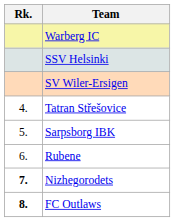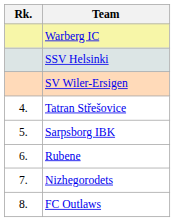 <table class="wikitable" style="border:1px solid #AAAAAA;font-size:90%">
 <tr bgcolor="#E4E4E4">
 <th style="border-bottom:1px solid #AAAAAA" width=40>Rk.</th>
 <th style="border-bottom:1px solid #AAAAAA" width=150>Team</th>
 </tr>
 <tr bgcolor="#F7F6A8">
 <td align="center" style="height:23px"></td>
 <td> <a href='#'>Warberg IC</a></td>
 </tr>
 <tr bgcolor="#DCE5E5">
 <td align="center" style="height:23px"></td>
 <td> <a href='#'>SSV Helsinki</a></td>
 </tr>
 <tr bgcolor="#FFDAB9">
 <td align="center" style="height:23px"></td>
 <td> <a href='#'>SV Wiler-Ersigen</a></td>
 </tr>
 <tr bgcolor="#ffffff">
 <td align="center" style="height:23px">4.</td>
 <td> <a href='#'>Tatran Střešovice</a></td>
 </tr>
 <tr bgcolor="#ffffff">
 <td align="center" style="height:23px">5.</td>
 <td> <a href='#'>Sarpsborg IBK</a></td>
 </tr>
 <tr bgcolor="#ffffff">
 <td align="center" style="height:23px">6.</td>
 <td> <a href='#'>Rubene</a></td>
 </tr>
 <tr bgcolor="#ffffff">
-<td align="center" style="height:23px"><strong>7.</strong></td>
+<td align="center" style="height:23px">7.</td>
 <td> <a href='#'>Nizhegorodets</a></td>
 </tr>
 <tr bgcolor="#ffffff">
-<td align="center" style="height:23px"><strong>8.</strong></td>
+<td align="center" style="height:23px">8.</td>
 <td> <a href='#'>FC Outlaws</a></td>
 </tr>
 </table>
